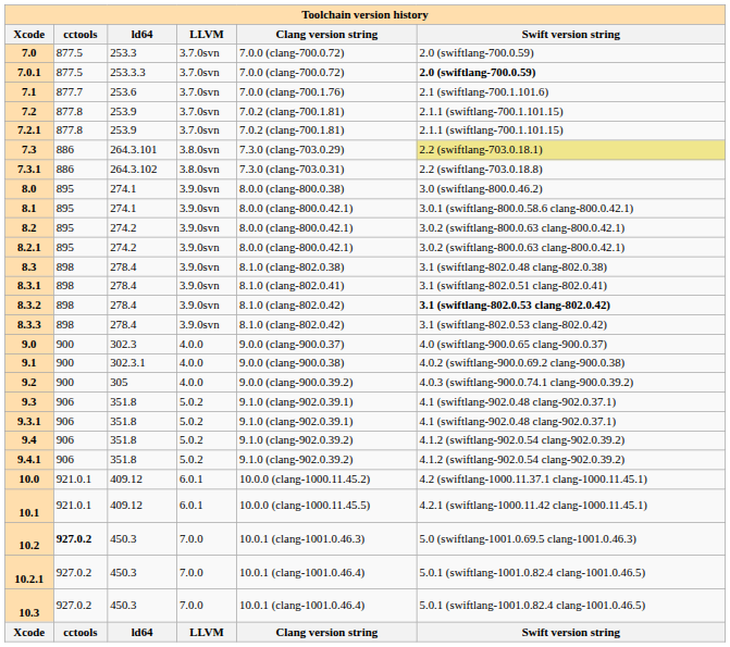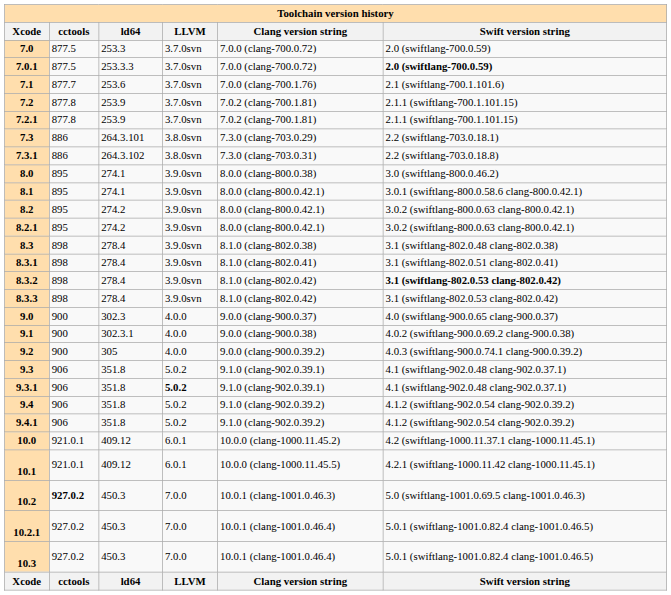 <table class="wikitable collapsible collapsed" style="width:100%; font-size:90%;">
 <tr>
 <th style="background: #ffdead; text-align:center;" colspan="9">Toolchain version history</th>
 </tr>
 <tr>
 <th>Xcode</th>
 <th>cctools</th>
 <th>ld64</th>
 <th>LLVM</th>
 <th>Clang version string</th>
 <th>Swift version string</th>
 </tr>
 <tr>
 <th style="background:#ffdead;"><strong>7.0</strong></th>
 <td>877.5</td>
 <td>253.3</td>
 <td>3.7.0svn</td>
 <td>7.0.0 (clang-700.0.72)</td>
 <td>2.0 (swiftlang-700.0.59)</td>
 </tr>
 <tr>
 <th style="background:#ffdead;"><strong>7.0.1</strong></th>
 <td>877.5</td>
 <td>253.3.3</td>
 <td>3.7.0svn</td>
 <td>7.0.0 (clang-700.0.72)</td>
 <td><strong>2.0 (swiftlang-700.0.59)</strong></td>
 </tr>
 <tr>
 <th style="background:#ffdead;"><strong>7.1</strong></th>
 <td>877.7</td>
 <td>253.6</td>
 <td>3.7.0svn</td>
 <td>7.0.0 (clang-700.1.76)</td>
 <td>2.1 (swiftlang-700.1.101.6)</td>
 </tr>
 <tr>
 <th style="background:#ffdead;"><strong>7.2</strong></th>
 <td>877.8</td>
 <td>253.9</td>
 <td>3.7.0svn</td>
 <td>7.0.2 (clang-700.1.81)</td>
 <td>2.1.1 (swiftlang-700.1.101.15)</td>
 </tr>
 <tr>
 <th style="background:#ffdead;"><strong>7.2.1</strong></th>
 <td>877.8</td>
 <td>253.9</td>
 <td>3.7.0svn</td>
 <td>7.0.2 (clang-700.1.81)</td>
 <td>2.1.1 (swiftlang-700.1.101.15)</td>
 </tr>
 <tr>
 <th style="background:#ffdead;"><strong>7.3</strong></th>
 <td>886</td>
 <td>264.3.101</td>
 <td>3.8.0svn</td>
 <td>7.3.0 (clang-703.0.29)</td>
-<td style="background: khaki;">2.2 (swiftlang-703.0.18.1)</td>
+<td>2.2 (swiftlang-703.0.18.1)</td>
 </tr>
 <tr>
 <th style="background:#ffdead;"><strong>7.3.1</strong></th>
 <td>886</td>
 <td>264.3.102</td>
 <td>3.8.0svn</td>
 <td>7.3.0 (clang-703.0.31)</td>
 <td>2.2 (swiftlang-703.0.18.8)</td>
 </tr>
 <tr>
 <th style="background:#ffdead;"><strong>8.0</strong></th>
 <td>895</td>
 <td>274.1</td>
 <td>3.9.0svn</td>
 <td>8.0.0 (clang-800.0.38)</td>
 <td>3.0 (swiftlang-800.0.46.2)</td>
 </tr>
 <tr>
 <th style="background:#ffdead;"><strong>8.1</strong></th>
 <td>895</td>
 <td>274.1</td>
 <td>3.9.0svn</td>
 <td>8.0.0 (clang-800.0.42.1)</td>
 <td>3.0.1 (swiftlang-800.0.58.6 clang-800.0.42.1)</td>
 </tr>
 <tr>
 <th style="background:#ffdead;"><strong>8.2</strong></th>
 <td>895</td>
 <td>274.2</td>
 <td>3.9.0svn</td>
 <td>8.0.0 (clang-800.0.42.1)</td>
 <td>3.0.2 (swiftlang-800.0.63 clang-800.0.42.1)</td>
 </tr>
 <tr>
 <th style="background:#ffdead;"><strong>8.2.1</strong></th>
 <td>895</td>
 <td>274.2</td>
 <td>3.9.0svn</td>
 <td>8.0.0 (clang-800.0.42.1)</td>
 <td>3.0.2 (swiftlang-800.0.63 clang-800.0.42.1)</td>
 </tr>
 <tr>
 <th style="background:#ffdead;"><strong>8.3</strong></th>
 <td>898</td>
 <td>278.4</td>
 <td>3.9.0svn</td>
 <td>8.1.0 (clang-802.0.38)</td>
 <td>3.1 (swiftlang-802.0.48 clang-802.0.38)</td>
 </tr>
 <tr>
 <th style="background:#ffdead;"><strong>8.3.1</strong></th>
 <td>898</td>
 <td>278.4</td>
 <td>3.9.0svn</td>
 <td>8.1.0 (clang-802.0.41)</td>
 <td>3.1 (swiftlang-802.0.51 clang-802.0.41)</td>
 </tr>
 <tr>
 <th style="background:#ffdead;"><strong>8.3.2</strong></th>
 <td>898</td>
 <td>278.4</td>
 <td>3.9.0svn</td>
 <td>8.1.0 (clang-802.0.42)</td>
 <td><strong>3.1 (swiftlang-802.0.53 clang-802.0.42)</strong></td>
 </tr>
 <tr>
 <th style="background:#ffdead;"><strong>8.3.3</strong></th>
 <td>898</td>
 <td>278.4</td>
 <td>3.9.0svn</td>
 <td>8.1.0 (clang-802.0.42)</td>
 <td>3.1 (swiftlang-802.0.53 clang-802.0.42)</td>
 </tr>
 <tr>
 <th style="background:#ffdead;"><strong>9.0</strong></th>
 <td>900</td>
 <td>302.3</td>
 <td>4.0.0</td>
 <td>9.0.0 (clang-900.0.37)</td>
 <td>4.0 (swiftlang-900.0.65 clang-900.0.37)</td>
 </tr>
 <tr>
 <th style="background:#ffdead;"><strong>9.1</strong></th>
 <td>900</td>
 <td>302.3.1</td>
 <td>4.0.0</td>
 <td>9.0.0 (clang-900.0.38)</td>
 <td>4.0.2 (swiftlang-900.0.69.2 clang-900.0.38)</td>
 </tr>
 <tr>
 <th style="background:#ffdead;"><strong>9.2</strong></th>
 <td>900</td>
 <td>305</td>
 <td>4.0.0</td>
 <td>9.0.0 (clang-900.0.39.2)</td>
 <td>4.0.3 (swiftlang-900.0.74.1 clang-900.0.39.2)</td>
 </tr>
 <tr>
 <th style="background:#ffdead;"><strong>9.3</strong></th>
 <td>906</td>
 <td>351.8</td>
 <td>5.0.2</td>
 <td>9.1.0 (clang-902.0.39.1)</td>
 <td>4.1 (swiftlang-902.0.48 clang-902.0.37.1)</td>
 </tr>
 <tr>
 <th style="background:#ffdead;"><strong>9.3.1</strong></th>
 <td>906</td>
 <td>351.8</td>
-<td>5.0.2</td>
+<td><strong>5.0.2</strong></td>
 <td>9.1.0 (clang-902.0.39.1)</td>
 <td>4.1 (swiftlang-902.0.48 clang-902.0.37.1)</td>
 </tr>
 <tr>
 <th style="background:#ffdead;"><strong>9.4</strong></th>
 <td>906</td>
 <td>351.8</td>
 <td>5.0.2</td>
 <td>9.1.0 (clang-902.0.39.2)</td>
 <td>4.1.2 (swiftlang-902.0.54 clang-902.0.39.2)</td>
 </tr>
 <tr>
 <th style="background:#ffdead;"><strong>9.4.1</strong></th>
 <td>906</td>
 <td>351.8</td>
 <td>5.0.2</td>
 <td>9.1.0 (clang-902.0.39.2)</td>
 <td>4.1.2 (swiftlang-902.0.54 clang-902.0.39.2)</td>
 </tr>
 <tr>
 <th style="background:#ffdead;"><strong>10.0</strong></th>
 <td>921.0.1</td>
 <td>409.12</td>
 <td>6.0.1</td>
 <td>10.0.0 (clang-1000.11.45.2)</td>
 <td>4.2 (swiftlang-1000.11.37.1 clang-1000.11.45.1)</td>
 </tr>
 <tr>
 <th style="background:#ffdead;"><br><strong>10.1</strong></th>
 <td>921.0.1</td>
 <td>409.12</td>
 <td>6.0.1</td>
 <td>10.0.0 (clang-1000.11.45.5)</td>
 <td>4.2.1 (swiftlang-1000.11.42 clang-1000.11.45.1)</td>
 </tr>
 <tr>
 <th style="background:#ffdead;"><br><strong>10.2</strong></th>
 <td><strong>927.0.2</strong></td>
 <td>450.3</td>
 <td>7.0.0</td>
 <td>10.0.1 (clang-1001.0.46.3)</td>
 <td>5.0 (swiftlang-1001.0.69.5 clang-1001.0.46.3)</td>
 </tr>
 <tr>
 <th style="background:#ffdead;"><br><strong>10.2.1</strong></th>
 <td>927.0.2</td>
 <td>450.3</td>
 <td>7.0.0</td>
 <td>10.0.1 (clang-1001.0.46.4)</td>
 <td>5.0.1 (swiftlang-1001.0.82.4 clang-1001.0.46.5)</td>
 </tr>
 <tr>
 <th style="background:#ffdead;"><br><strong>10.3</strong></th>
 <td>927.0.2</td>
 <td>450.3</td>
 <td>7.0.0</td>
 <td>10.0.1 (clang-1001.0.46.4)</td>
 <td>5.0.1 (swiftlang-1001.0.82.4 clang-1001.0.46.5)</td>
 </tr>
 <tr>
 <th>Xcode</th>
 <th>cctools</th>
 <th>ld64</th>
 <th>LLVM</th>
 <th>Clang version string</th>
 <th>Swift version string</th>
 </tr>
 </table>
